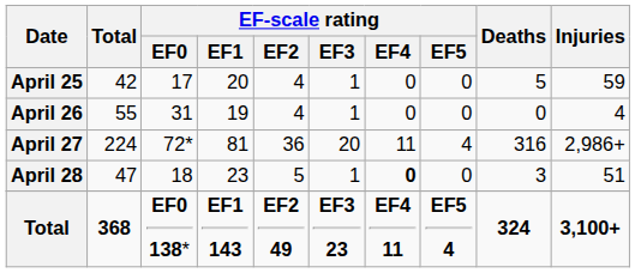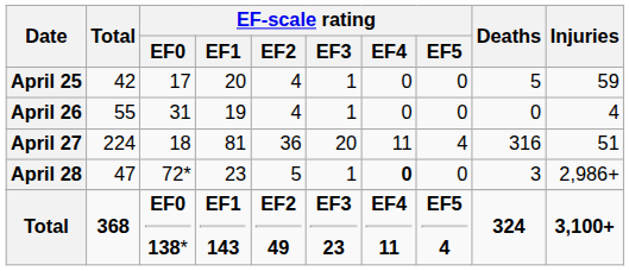 <table class="wikitable sortable" style="margin: 1em auto 1em auto;">
 <tr>
 <th scope="col" rowspan="2">Date</th>
 <th scope="col" rowspan="2" align="center">Total</th>
 <th scope="col" colspan="6" align="center"><a href='#'>EF-scale</a> rating</th>
 <th scope="col" rowspan="2" align="center">Deaths</th>
 <th scope="col" rowspan="2" align="center">Injuries</th>
 </tr>
 <tr>
 <th scope="col" style="text-align:center;"> EF0 </th>
 <th scope="col" style="text-align:center;"> EF1 </th>
 <th scope="col" style="text-align:center;"> EF2 </th>
 <th scope="col" style="text-align:center;"> EF3 </th>
 <th scope="col" style="text-align:center;"> EF4 </th>
 <th scope="col" style="text-align:center;"> EF5 </th>
 </tr>
 <tr>
 <th scope="row">April 25</th>
 <td align="right">42</td>
 <td align="right">17</td>
 <td align="right">20</td>
 <td align="right">4</td>
 <td align="right">1</td>
 <td align="right">0</td>
 <td align="right">0</td>
 <td align="right">5</td>
 <td align="right">59</td>
 </tr>
 <tr>
 <th scope="row">April 26</th>
 <td align="right">55</td>
 <td align="right">31</td>
 <td align="right">19</td>
 <td align="right">4</td>
 <td align="right">1</td>
 <td align="right">0</td>
 <td align="right">0</td>
 <td align="right">0</td>
 <td align="right">4</td>
 </tr>
 <tr>
 <th scope="row">April 27</th>
 <td align="right">224</td>
-<td align="right">72*</td>
+<td align="right">18</td>
 <td align="right">81</td>
 <td align="right">36</td>
 <td align="right">20</td>
 <td align="right">11</td>
 <td align="right">4</td>
 <td align="right">316</td>
-<td align="right">2,986+</td>
+<td align="right">51</td>
 </tr>
 <tr>
 <th scope = "row">April 28</th>
 <td align="right">47</td>
-<td align="right">18</td>
+<td align="right">72*</td>
 <td align="right">23</td>
 <td align="right">5</td>
 <td align="right">1</td>
 <td align="right"><strong>0</strong></td>
 <td align="right">0</td>
 <td align="right">3</td>
-<td align="right">51</td>
+<td align="right">2,986+</td>
 </tr>
 <tr>
 </tr>
 <tr class="sortbottom">
 <th scope="row">Total</th>
 <td align="center"><strong>368</strong></td>
 <td align="center"><strong>EF0<br><hr>138</strong>*</td>
 <td align="center"><strong>EF1<br><hr>143</strong></td>
 <td align="center"><strong>EF2<br><hr>49</strong></td>
 <td align="center"><strong>EF3<br><hr>23</strong></td>
 <td align="center"><strong>EF4<br><hr>11</strong></td>
 <td align="center"><strong>EF5<br><hr>4</strong></td>
 <td style="text-align:center;"><strong>324</strong></td>
 <td style="text-align:center;"><strong>3,100+</strong></td>
 </tr>
 </table>
